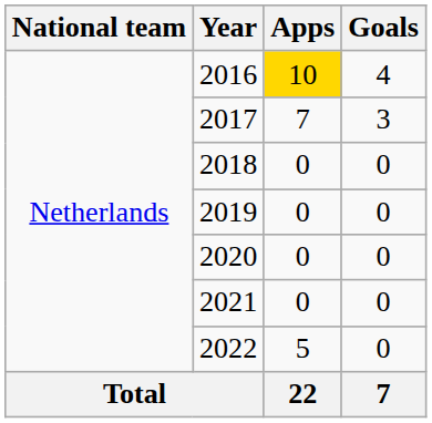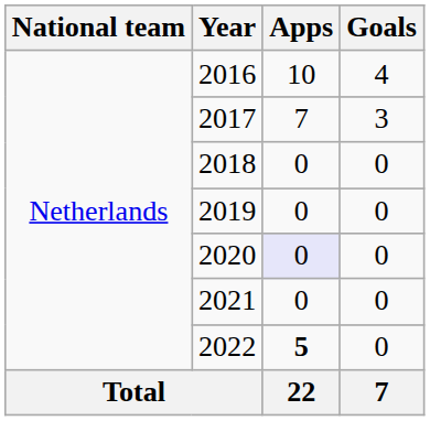 <table class="wikitable" style="text-align:center">
 <tr>
 <th>National team</th>
 <th>Year</th>
 <th>Apps</th>
 <th>Goals</th>
 </tr>
 <tr>
 <td rowspan="7"><a href='#'>Netherlands</a></td>
 <td>2016</td>
-<td style="background: gold;">10</td>
+<td>10</td>
 <td>4</td>
 </tr>
 <tr>
 <td>2017</td>
 <td>7</td>
 <td>3</td>
 </tr>
 <tr>
 <td>2018</td>
 <td>0</td>
 <td>0</td>
 </tr>
 <tr>
 <td>2019</td>
 <td>0</td>
 <td>0</td>
 </tr>
 <tr>
 <td>2020</td>
-<td>0</td>
+<td style="background: lavender;">0</td>
 <td>0</td>
 </tr>
 <tr>
 <td>2021</td>
 <td>0</td>
 <td>0</td>
 </tr>
 <tr>
 <td>2022</td>
-<td>5</td>
+<td><strong>5</strong></td>
 <td>0</td>
 </tr>
 <tr>
 <th colspan=2>Total</th>
 <th>22</th>
 <th>7</th>
 </tr>
 </table>
